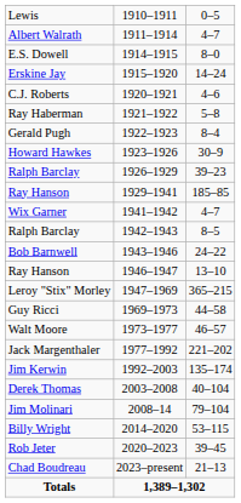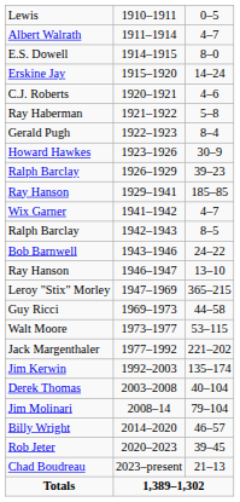 <table class="wikitable" style="text-align:center">
 <tr>
 <td style="text-align:left">Lewis</td>
 <td>1910–1911</td>
 <td>0–5</td>
 </tr>
 <tr>
 <td style="text-align:left"><a href='#'>Albert Walrath</a></td>
 <td>1911–1914</td>
 <td>4–7</td>
 </tr>
 <tr>
 <td style="text-align:left">E.S. Dowell</td>
 <td>1914–1915</td>
 <td>8–0</td>
 </tr>
 <tr>
 <td style="text-align:left"><a href='#'>Erskine Jay</a></td>
 <td>1915–1920</td>
 <td>14–24</td>
 </tr>
 <tr>
 <td style="text-align:left">C.J. Roberts</td>
 <td>1920–1921</td>
 <td>4–6</td>
 </tr>
 <tr>
 <td style="text-align:left">Ray Haberman</td>
 <td>1921–1922</td>
 <td>5–8</td>
 </tr>
 <tr>
 <td style="text-align:left">Gerald Pugh</td>
 <td>1922–1923</td>
 <td>8–4</td>
 </tr>
 <tr>
 <td style="text-align:left"><a href='#'>Howard Hawkes</a></td>
 <td>1923–1926</td>
 <td>30–9</td>
 </tr>
 <tr>
 <td style="text-align:left"><a href='#'>Ralph Barclay</a></td>
 <td>1926–1929</td>
 <td>39–23</td>
 </tr>
 <tr>
 <td style="text-align:left"><a href='#'>Ray Hanson</a></td>
 <td>1929–1941</td>
 <td>185–85</td>
 </tr>
 <tr>
 <td style="text-align:left"><a href='#'>Wix Garner</a></td>
 <td>1941–1942</td>
 <td>4–7</td>
 </tr>
 <tr>
 <td style="text-align:left">Ralph Barclay</td>
 <td>1942–1943</td>
 <td>8–5</td>
 </tr>
 <tr>
 <td style="text-align:left"><a href='#'>Bob Barnwell</a></td>
 <td>1943–1946</td>
 <td>24–22</td>
 </tr>
 <tr>
 <td style="text-align:left">Ray Hanson</td>
 <td>1946–1947</td>
 <td>13–10</td>
 </tr>
 <tr>
 <td style="text-align:left">Leroy "Stix" Morley</td>
 <td>1947–1969</td>
 <td>365–215</td>
 </tr>
 <tr>
 <td style="text-align:left">Guy Ricci</td>
 <td>1969–1973</td>
 <td>44–58</td>
 </tr>
 <tr>
 <td style="text-align:left">Walt Moore</td>
 <td>1973–1977</td>
-<td>46–57</td>
+<td>53–115</td>
 </tr>
 <tr>
 <td style="text-align:left">Jack Margenthaler</td>
 <td>1977–1992</td>
 <td>221–202</td>
 </tr>
 <tr>
 <td style="text-align:left"><a href='#'>Jim Kerwin</a></td>
 <td>1992–2003</td>
 <td>135–174</td>
 </tr>
 <tr>
 <td style="text-align:left"><a href='#'>Derek Thomas</a></td>
 <td>2003–2008</td>
 <td>40–104</td>
 </tr>
 <tr>
 <td style="text-align:left"><a href='#'>Jim Molinari</a></td>
 <td>2008–14</td>
 <td>79–104</td>
 </tr>
 <tr>
 <td style="text-align:left"><a href='#'>Billy Wright</a></td>
 <td>2014–2020</td>
-<td>53–115</td>
+<td>46–57</td>
 </tr>
 <tr>
 <td style="text-align:left"><a href='#'>Rob Jeter</a></td>
 <td>2020–2023</td>
 <td>39–45</td>
 </tr>
 <tr>
 <td align=left><a href='#'>Chad Boudreau</a></td>
 <td>2023–present</td>
 <td>21–13</td>
 </tr>
 <tr>
 <td><strong>Totals</strong></td>
 <td colspan=2><strong>1,389–1,302</strong></td>
 </tr>
 </table>
